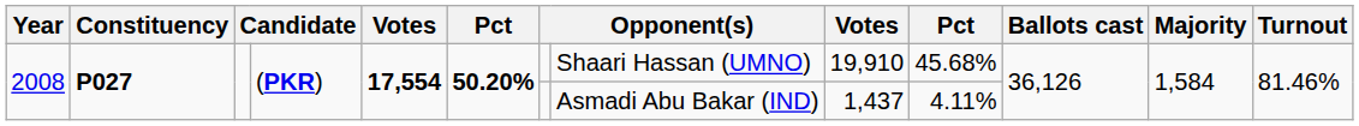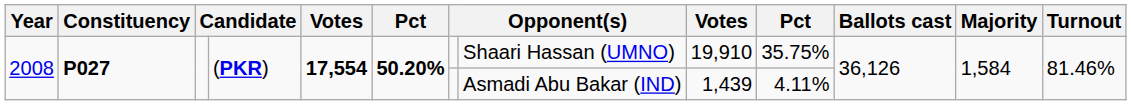 <table class="wikitable" style="margin:0.5em ; font-size:95%">
 <tr>
 <th>Year</th>
 <th>Constituency</th>
 <th colspan=2>Candidate</th>
 <th>Votes</th>
 <th>Pct</th>
 <th colspan=2>Opponent(s)</th>
 <th>Votes</th>
 <th>Pct</th>
 <th>Ballots cast</th>
 <th>Majority</th>
 <th>Turnout</th>
 </tr>
 <tr>
 <td rowspan=2><a href='#'>2008</a></td>
 <td rowspan=2><strong>P027 </strong></td>
 <td rowspan=2 ></td>
 <td rowspan=2> (<a href='#'><strong>PKR</strong></a>)</td>
 <td rowspan=2 align="right"><strong>17,554</strong></td>
 <td rowspan=2><strong>50.20%</strong></td>
 <td></td>
 <td>Shaari Hassan (<a href='#'>UMNO</a>)</td>
 <td align="right">19,910</td>
-<td>45.68%</td>
+<td>35.75%</td>
 <td rowspan=2>36,126</td>
 <td rowspan=2>1,584</td>
 <td rowspan=2>81.46%</td>
 </tr>
 <tr>
 <td></td>
 <td>Asmadi Abu Bakar (<a href='#'>IND</a>)</td>
-<td align="right">1,437</td>
+<td align="right">1,439</td>
 <td align="right">4.11%</td>
 </tr>
 </table>
